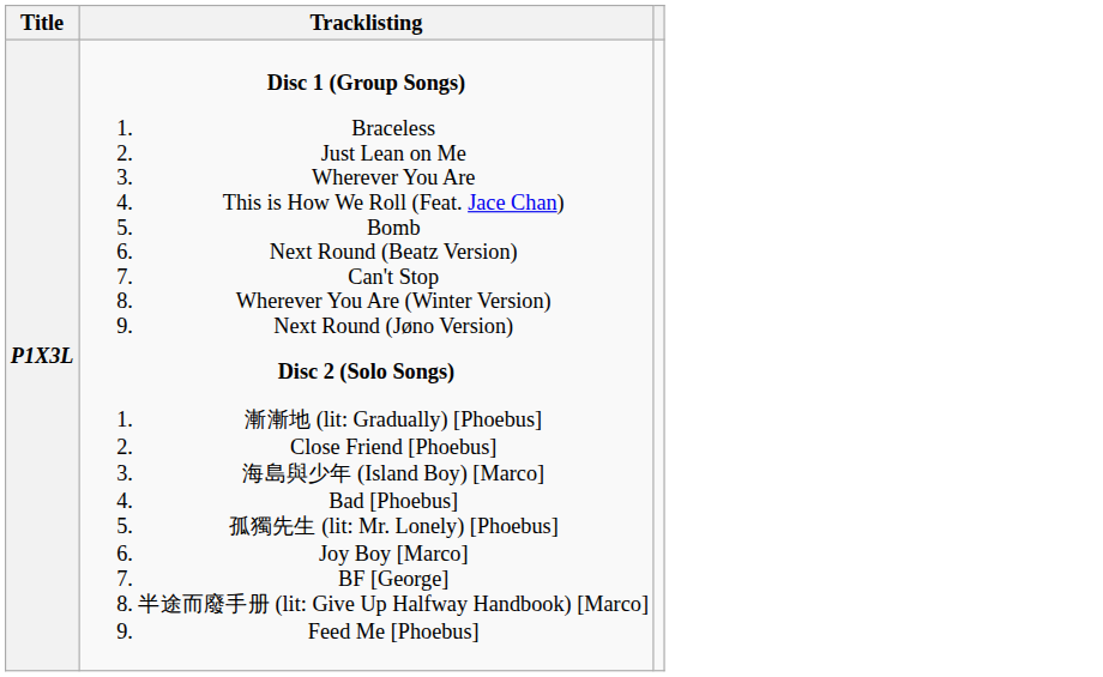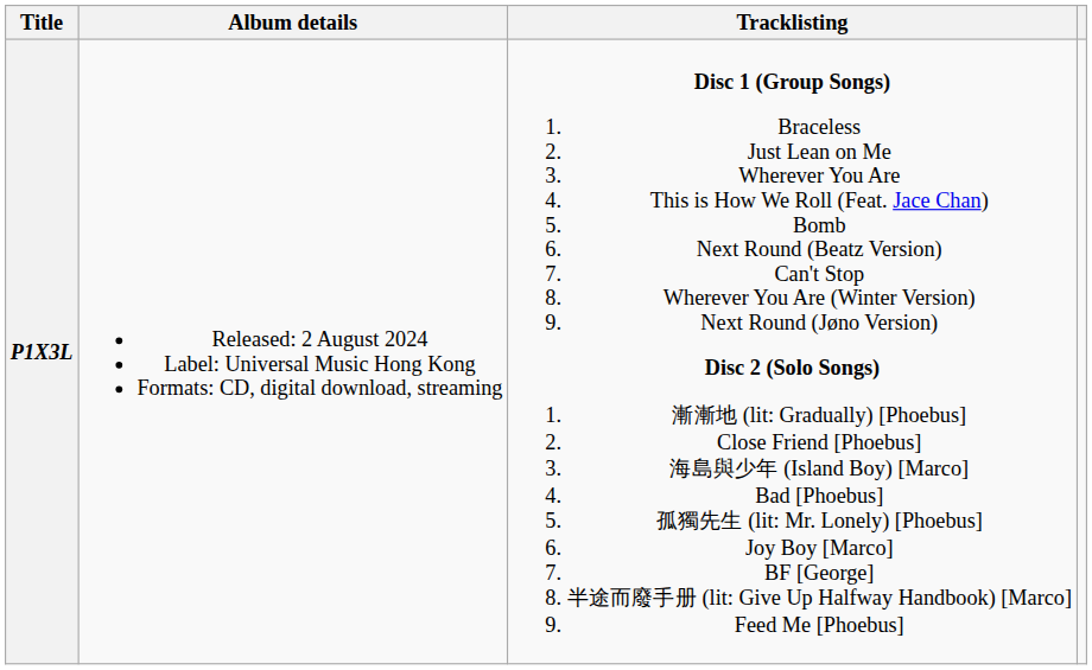 <table class="wikitable plainrowheaders" style="text-align:center;">
 <tr>
 <th>Title</th>
+<th>Album details</th>
 <th>Tracklisting</th>
 <th scope="col" class="unsortable"></th>
 </tr>
 <tr>
 <th scope="row"><em>P1X3L</em></th>
+<td><br><ul><li>Released: 2 August 2024</li><li>Label: Universal Music Hong Kong</li><li>Formats: CD, digital download, streaming</li></ul></td>
 <td><br><strong>Disc 1 (Group Songs)</strong><ol><li>Braceless</li><li>Just Lean on Me</li><li>Wherever You Are</li><li>This is How We Roll (Feat. <a href='#'>Jace Chan</a>)</li><li>Bomb</li><li>Next Round (Beatz Version)</li><li>Can't Stop</li><li>Wherever You Are (Winter Version)</li><li>Next Round (Jøno Version)</li></ol><strong>Disc 2 (Solo Songs)</strong><ol><li>漸漸地 (lit: Gradually) [Phoebus]</li><li>Close Friend [Phoebus]</li><li>海島與少年 (Island Boy) [Marco]</li><li>Bad [Phoebus]</li><li>孤獨先生 (lit: Mr. Lonely) [Phoebus]</li><li>Joy Boy [Marco]</li><li>BF [George]</li><li>半途而廢手册 (lit: Give Up Halfway Handbook) [Marco]</li><li>Feed Me [Phoebus]</li></ol></td>
 <td></td>
 </tr>
 </table>
